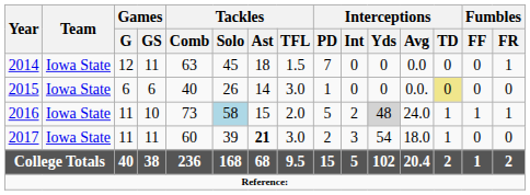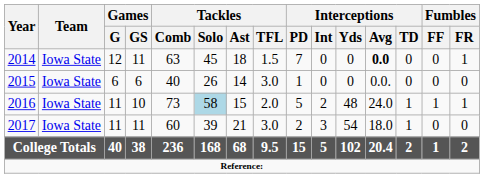 <table class="wikitable" style="text-align:center;">
 <tr>
 <th rowspan="2">Year</th>
 <th rowspan="2">Team</th>
 <th colspan="2">Games</th>
 <th colspan="4">Tackles</th>
 <th colspan="5">Interceptions</th>
 <th colspan="2">Fumbles</th>
 </tr>
 <tr>
 <th>G</th>
 <th>GS</th>
 <th>Comb</th>
 <th>Solo</th>
 <th>Ast</th>
 <th>TFL</th>
 <th>PD</th>
 <th>Int</th>
 <th>Yds</th>
 <th>Avg</th>
 <th>TD</th>
 <th>FF</th>
 <th>FR</th>
 </tr>
 <tr>
 <td><a href='#'>2014</a></td>
 <td><a href='#'>Iowa State</a></td>
 <td>12</td>
 <td>11</td>
 <td>63</td>
 <td>45</td>
 <td>18</td>
 <td>1.5</td>
 <td>7</td>
 <td>0</td>
 <td>0</td>
-<td>0.0</td>
+<td><strong>0.0</strong></td>
 <td>0</td>
 <td>0</td>
 <td>1</td>
 </tr>
 <tr>
 <td><a href='#'>2015</a></td>
 <td><a href='#'>Iowa State</a></td>
 <td>6</td>
 <td>6</td>
 <td>40</td>
 <td>26</td>
 <td>14</td>
 <td>3.0</td>
 <td>1</td>
 <td>0</td>
 <td>0</td>
 <td>0.0.</td>
-<td style="background: khaki;">0</td>
+<td>0</td>
 <td>0</td>
 <td>0</td>
 </tr>
 <tr>
 <td><a href='#'>2016</a></td>
 <td><a href='#'>Iowa State</a></td>
 <td>11</td>
 <td>10</td>
 <td>73</td>
 <td style="background: lightblue;">58</td>
 <td>15</td>
 <td>2.0</td>
 <td>5</td>
 <td>2</td>
-<td style="background: lightgrey;">48</td>
+<td>48</td>
 <td>24.0</td>
 <td>1</td>
 <td>1</td>
 <td>1</td>
 </tr>
 <tr>
 <td><a href='#'>2017</a></td>
 <td><a href='#'>Iowa State</a></td>
 <td>11</td>
 <td>11</td>
 <td>60</td>
 <td>39</td>
-<td><strong>21</strong></td>
+<td>21</td>
 <td>3.0</td>
 <td>2</td>
 <td>3</td>
 <td>54</td>
 <td>18.0</td>
 <td>1</td>
 <td>0</td>
 <td>0</td>
 </tr>
 <tr>
 </tr>
 <tr style="background:#555; font-weight:bold; color:white;">
 <td colspan=2>College Totals</td>
 <td>40</td>
 <td>38</td>
 <td>236</td>
 <td>168</td>
 <td>68</td>
 <td>9.5</td>
 <td>15</td>
 <td>5</td>
 <td>102</td>
 <td>20.4</td>
 <td>2</td>
 <td>1</td>
 <td>2</td>
 </tr>
 <tr>
 <td colspan="16"  style="font-size:8pt; text-align:center;"><strong>Reference:</strong></td>
 </tr>
 </table>
